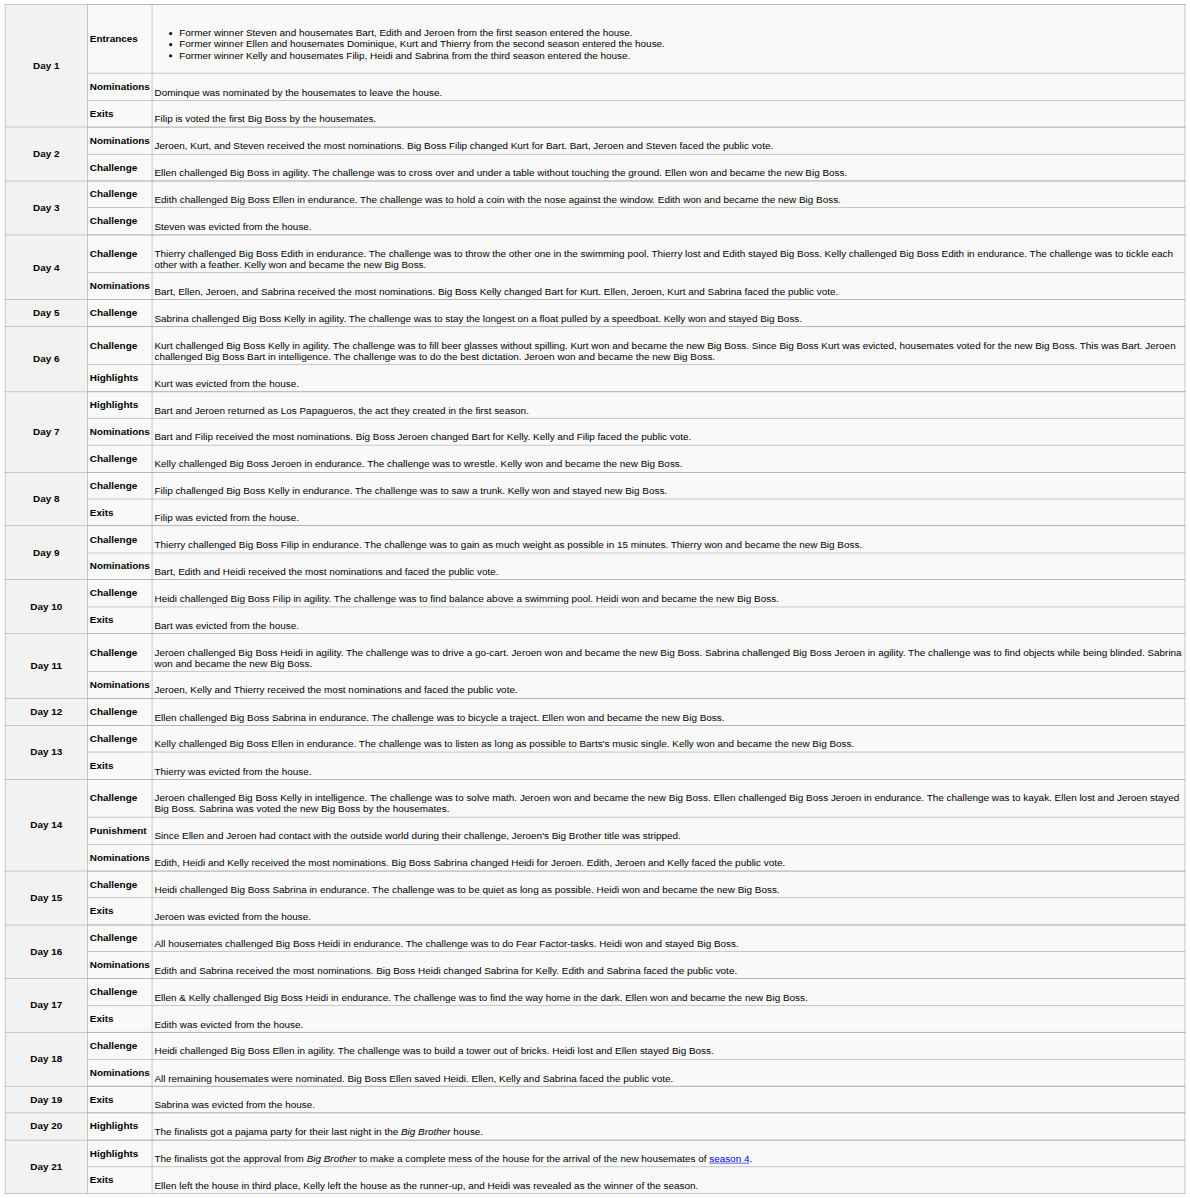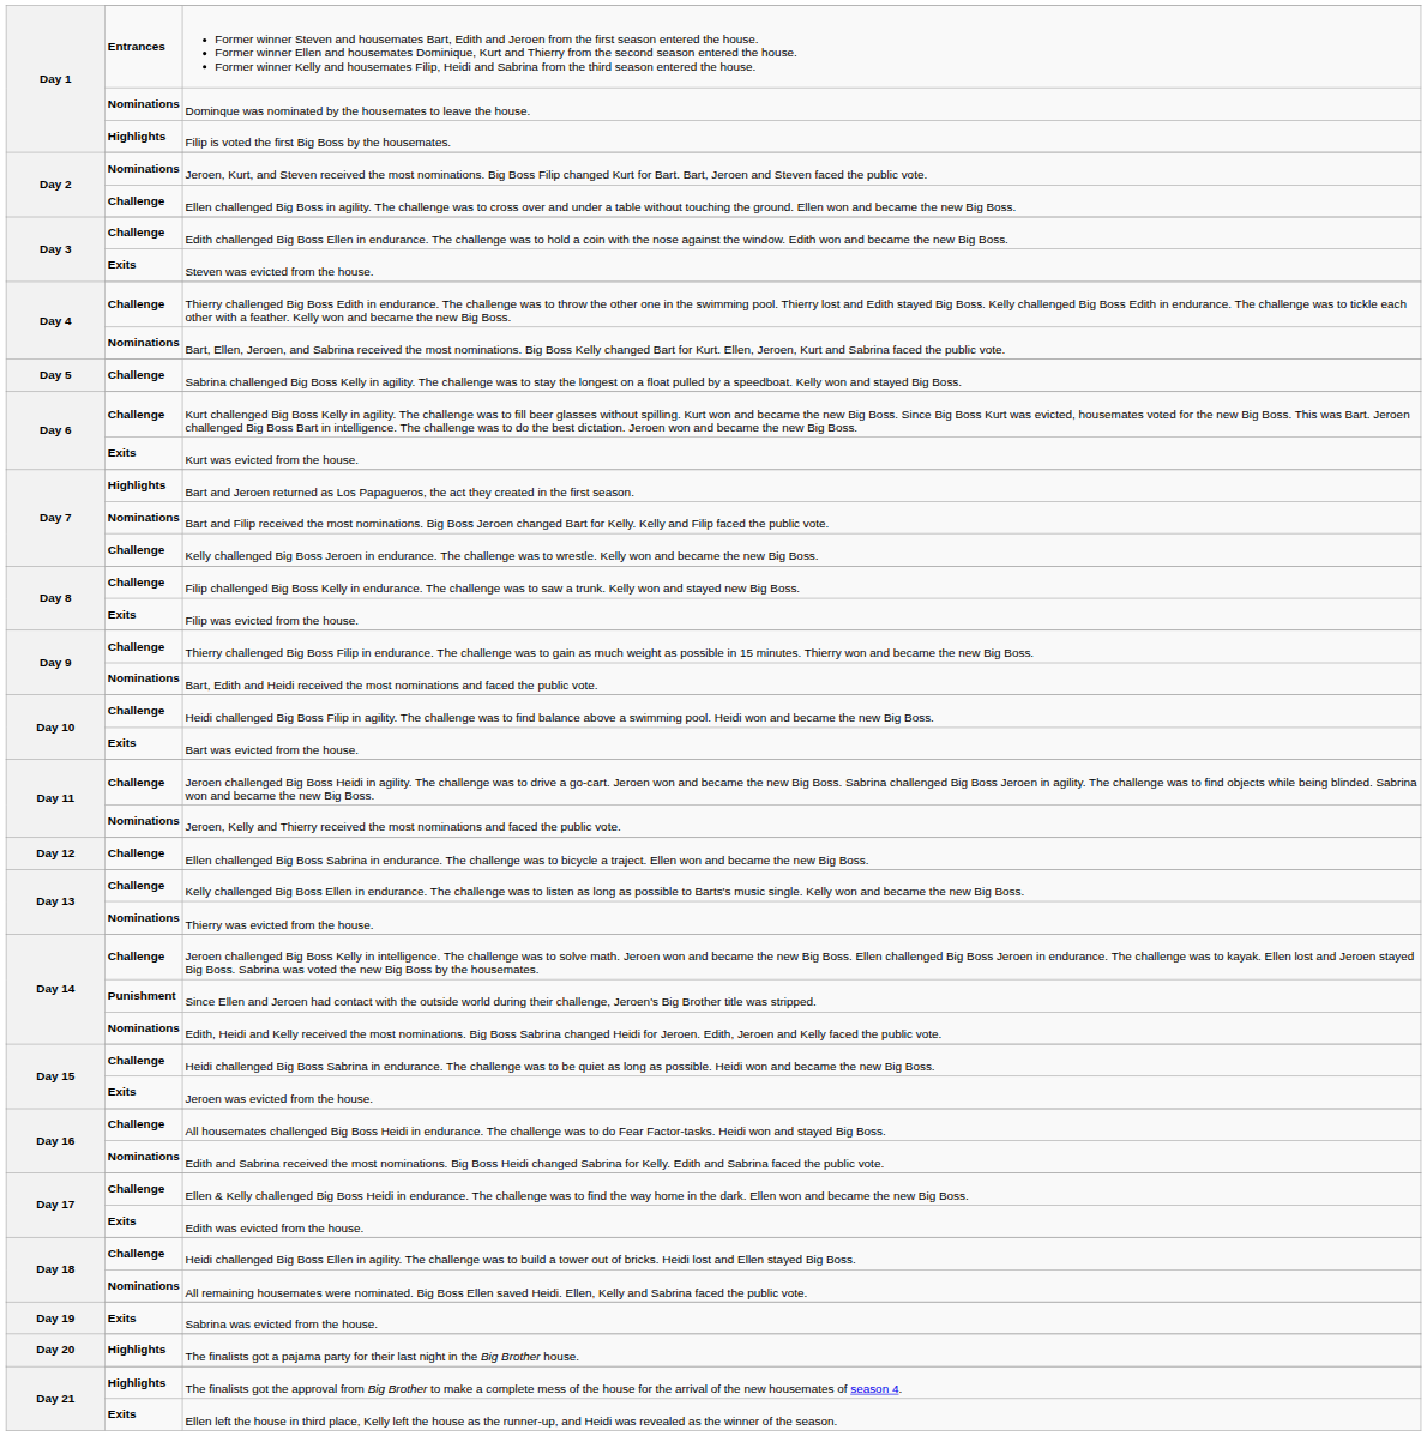 <table class="wikitable" style="width: 96%; margin-left: auto; margin-right: auto;">
 <tr>
 <th rowspan=4 style="width: 7%;"><strong>Day 1</strong></th>
 </tr>
 <tr>
 <td><strong>Entrances</strong></td>
 <td><br><ul><li>Former winner Steven and housemates Bart, Edith and Jeroen from the first season entered the house.</li><li>Former winner Ellen and housemates Dominique, Kurt and Thierry from the second season entered the house.</li><li>Former winner Kelly and housemates Filip, Heidi and Sabrina from the third season entered the house.</li></ul></td>
 </tr>
 <tr>
 <td><strong>Nominations</strong></td>
 <td><br>Dominque was nominated by the housemates to leave the house.</td>
 </tr>
 <tr>
-<td><strong>Exits</strong></td>
+<td><strong>Highlights</strong></td>
 <td><br>Filip is voted the first Big Boss by the housemates.</td>
 </tr>
 <tr>
 <th rowspan=3 style="width: 7%;"><strong>Day 2</strong></th>
 </tr>
 <tr>
 <td><strong>Nominations</strong></td>
 <td><br>Jeroen, Kurt, and Steven received the most nominations. Big Boss Filip changed Kurt for Bart. Bart, Jeroen and Steven faced the public vote.</td>
 </tr>
 <tr>
 <td><strong>Challenge</strong></td>
 <td><br>Ellen challenged Big Boss in agility. The challenge was to cross over and under a table without touching the ground. Ellen won and became the new Big Boss.</td>
 </tr>
 <tr>
 <th rowspan=3 style="width: 7%;"><strong>Day 3</strong></th>
 </tr>
 <tr>
 <td><strong>Challenge</strong></td>
 <td><br>Edith challenged Big Boss Ellen in endurance. The challenge was to hold a coin with the nose against the window. Edith won and became the new Big Boss.</td>
 </tr>
 <tr>
-<td><strong>Challenge</strong></td>
+<td><strong>Exits</strong></td>
 <td><br>Steven was evicted from the house.</td>
 </tr>
 <tr>
 <th rowspan=3 style="width: 7%;"><strong>Day 4</strong></th>
 </tr>
 <tr>
 <td><strong>Challenge</strong></td>
 <td><br>Thierry challenged Big Boss Edith in endurance. The challenge was to throw the other one in the swimming pool. Thierry lost and Edith stayed Big Boss. Kelly challenged Big Boss Edith in endurance. The challenge was to tickle each other with a feather. Kelly won and became the new Big Boss.</td>
 </tr>
 <tr>
 <td><strong>Nominations</strong></td>
 <td><br>Bart, Ellen, Jeroen, and Sabrina received the most nominations. Big Boss Kelly changed Bart for Kurt. Ellen, Jeroen, Kurt and Sabrina faced the public vote.</td>
 </tr>
 <tr>
 <th rowspan=2 style="width: 7%;"><strong>Day 5</strong></th>
 </tr>
 <tr>
 <td><strong>Challenge</strong></td>
 <td><br>Sabrina challenged Big Boss Kelly in agility. The challenge was to stay the longest on a float pulled by a speedboat. Kelly won and stayed  Big Boss.</td>
 </tr>
 <tr>
 <th rowspan=3 style="width: 7%;"><strong>Day 6</strong></th>
 </tr>
 <tr>
 <td><strong>Challenge</strong></td>
 <td><br>Kurt challenged Big Boss Kelly in agility. The challenge was to fill beer glasses without spilling. Kurt won and became the new Big Boss. Since Big Boss Kurt was evicted, housemates voted for the new Big Boss. This was Bart. Jeroen challenged Big Boss Bart in intelligence. The challenge was to do the best dictation. Jeroen won and became the new Big Boss.</td>
 </tr>
 <tr>
-<td><strong>Highlights</strong></td>
+<td><strong>Exits</strong></td>
 <td><br>Kurt was evicted from the house.</td>
 </tr>
 <tr>
 <th rowspan=4 style="width: 7%;"><strong>Day 7</strong></th>
 </tr>
 <tr>
 <td><strong>Highlights</strong></td>
 <td><br>Bart and Jeroen returned as Los Papagueros, the act they created in the first season.</td>
 </tr>
 <tr>
 <td><strong>Nominations</strong></td>
 <td><br>Bart and Filip received the most nominations. Big Boss Jeroen changed Bart for Kelly. Kelly and Filip faced the public vote.</td>
 </tr>
 <tr>
 <td><strong>Challenge</strong></td>
 <td><br>Kelly challenged Big Boss Jeroen in endurance. The challenge was to wrestle. Kelly won and became the new Big Boss.</td>
 </tr>
 <tr>
 <th rowspan=3 style="width: 7%;"><strong>Day 8</strong></th>
 </tr>
 <tr>
 <td><strong>Challenge</strong></td>
 <td><br>Filip challenged Big Boss Kelly in endurance. The challenge was to saw a trunk. Kelly won and stayed new Big Boss.</td>
 </tr>
 <tr>
 <td><strong>Exits</strong></td>
 <td><br>Filip was evicted from the house.</td>
 </tr>
 <tr>
 <th rowspan=3 style="width: 7%;"><strong>Day 9</strong></th>
 </tr>
 <tr>
 <td><strong>Challenge</strong></td>
 <td><br>Thierry challenged Big Boss Filip in endurance. The challenge was to gain as much weight as possible in 15 minutes. Thierry won and became the new Big Boss.</td>
 </tr>
 <tr>
 <td><strong>Nominations</strong></td>
 <td><br>Bart, Edith and Heidi received the most nominations and faced the public vote.</td>
 </tr>
 <tr>
 <th rowspan=3 style="width: 7%;"><strong>Day 10</strong></th>
 </tr>
 <tr>
 <td><strong>Challenge</strong></td>
 <td><br>Heidi challenged Big Boss Filip in agility. The challenge was to find balance above a swimming pool. Heidi won and became the new Big Boss.</td>
 </tr>
 <tr>
 <td><strong>Exits</strong></td>
 <td><br>Bart was evicted from the house.</td>
 </tr>
 <tr>
 <th rowspan=3 style="width: 7%;"><strong>Day 11</strong></th>
 </tr>
 <tr>
 <td><strong>Challenge</strong></td>
 <td><br>Jeroen challenged Big Boss Heidi in agility. The challenge was to drive a go-cart. Jeroen won and became the new Big Boss. Sabrina challenged Big Boss Jeroen in agility. The challenge was to find objects while being blinded. Sabrina won and became the new Big Boss.</td>
 </tr>
 <tr>
 <td><strong>Nominations</strong></td>
 <td><br>Jeroen, Kelly and Thierry received the most nominations and faced the public vote.</td>
 </tr>
 <tr>
 <th rowspan=2 style="width: 7%;"><strong>Day 12</strong></th>
 </tr>
 <tr>
 <td><strong>Challenge</strong></td>
 <td><br>Ellen challenged Big Boss Sabrina in endurance. The challenge was to bicycle a traject. Ellen won and became the new Big Boss.</td>
 </tr>
 <tr>
 <th rowspan=3 style="width: 7%;"><strong>Day 13</strong></th>
 </tr>
 <tr>
 <td><strong>Challenge</strong></td>
 <td><br>Kelly challenged Big Boss Ellen in endurance. The challenge was to listen as long as possible to Barts's music single. Kelly won and became the new Big Boss.</td>
 </tr>
 <tr>
-<td><strong>Exits</strong></td>
+<td><strong>Nominations</strong></td>
 <td><br>Thierry was evicted from the house.</td>
 </tr>
 <tr>
 <th rowspan=4 style="width: 7%;"><strong>Day 14</strong></th>
 </tr>
 <tr>
 <td><strong>Challenge</strong></td>
 <td><br>Jeroen challenged Big Boss Kelly in intelligence. The challenge was to solve math. Jeroen won and became the new Big Boss. Ellen challenged Big Boss Jeroen in endurance. The challenge was to kayak. Ellen lost and Jeroen stayed Big Boss. Sabrina was voted the new Big Boss by the housemates.</td>
 </tr>
 <tr>
 <td><strong>Punishment</strong></td>
 <td><br>Since Ellen and Jeroen had contact with the outside world during their challenge, Jeroen's Big Brother title was stripped.</td>
 </tr>
 <tr>
 <td><strong>Nominations</strong></td>
 <td><br>Edith, Heidi and Kelly received the most nominations. Big Boss Sabrina changed Heidi for Jeroen. Edith, Jeroen and Kelly faced the public vote.</td>
 </tr>
 <tr>
 <th rowspan=3 style="width: 7%;"><strong>Day 15</strong></th>
 </tr>
 <tr>
 <td><strong>Challenge</strong></td>
 <td><br>Heidi challenged Big Boss Sabrina in endurance. The challenge was to be quiet as long as possible. Heidi won and became the new Big Boss.</td>
 </tr>
 <tr>
 <td><strong>Exits</strong></td>
 <td><br>Jeroen was evicted from the house.</td>
 </tr>
 <tr>
 <th rowspan=3 style="width: 7%;"><strong>Day 16</strong></th>
 </tr>
 <tr>
 <td><strong>Challenge</strong></td>
 <td><br>All housemates challenged Big Boss Heidi in endurance. The challenge was to do Fear Factor-tasks. Heidi won and stayed Big Boss.</td>
 </tr>
 <tr>
 <td><strong>Nominations</strong></td>
 <td><br>Edith and Sabrina received the most nominations. Big Boss Heidi changed Sabrina for Kelly. Edith and Sabrina faced the public vote.</td>
 </tr>
 <tr>
 <th rowspan=3 style="width: 7%;"><strong>Day 17</strong></th>
 </tr>
 <tr>
 <td><strong>Challenge</strong></td>
 <td><br>Ellen & Kelly challenged Big Boss Heidi in endurance. The challenge was to find the way home in the dark. Ellen won and became the new Big Boss.</td>
 </tr>
 <tr>
 <td><strong>Exits</strong></td>
 <td><br>Edith was evicted from the house.</td>
 </tr>
 <tr>
 <th rowspan=3 style="width: 7%;"><strong>Day 18</strong></th>
 </tr>
 <tr>
 <td><strong>Challenge</strong></td>
 <td><br>Heidi challenged Big Boss Ellen in agility. The challenge was to build a tower out of bricks. Heidi lost and Ellen stayed Big Boss.</td>
 </tr>
 <tr>
 <td><strong>Nominations</strong></td>
 <td><br>All remaining housemates were nominated. Big Boss Ellen saved Heidi. Ellen, Kelly and Sabrina faced the public vote.</td>
 </tr>
 <tr>
 <th rowspan=2 style="width: 7%;"><strong>Day 19</strong></th>
 </tr>
 <tr>
 <td><strong>Exits</strong></td>
 <td><br>Sabrina was evicted from the house.</td>
 </tr>
 <tr>
 <th rowspan=2 style="width: 7%;"><strong>Day 20</strong></th>
 </tr>
 <tr>
 <td><strong>Highlights</strong></td>
 <td><br>The finalists got a pajama party for their last night in the <em>Big Brother</em> house.</td>
 </tr>
 <tr>
 <th rowspan=3 style="width: 7%;"><strong>Day 21</strong></th>
 </tr>
 <tr>
 <td><strong>Highlights</strong></td>
 <td><br>The finalists got the approval from <em>Big Brother</em> to make a complete mess of the house for the arrival of the new housemates of <a href='#'>season 4</a>.</td>
 </tr>
 <tr>
 <td><strong>Exits</strong></td>
 <td><br>Ellen left the house in third place, Kelly left the house as the runner-up, and Heidi was revealed as the winner of the season.</td>
 </tr>
 </table>
